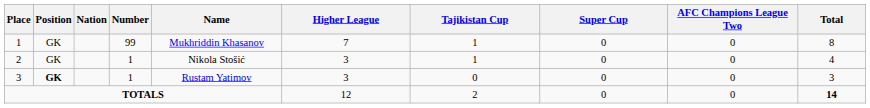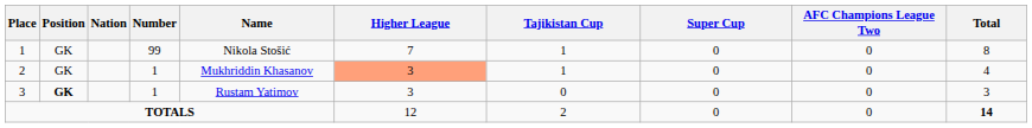 <table class="wikitable" style="font-size: 95%; text-align: center;">
 <tr>
 <th width=20>Place</th>
 <th width=20>Position</th>
 <th width=20>Nation</th>
 <th width=20>Number</th>
 <th width=200>Name</th>
 <th width=200><a href='#'>Higher League</a></th>
 <th width=200><a href='#'>Tajikistan Cup</a></th>
 <th width=200><a href='#'>Super Cup</a></th>
 <th width=200><a href='#'>AFC Champions League Two</a></th>
 <th width=100><strong>Total</strong></th>
 </tr>
 <tr>
 <td>1</td>
 <td>GK</td>
 <td></td>
 <td>99</td>
-<td><a href='#'>Mukhriddin Khasanov</a></td>
+<td>Nikola Stošić</td>
 <td>7</td>
 <td>1</td>
 <td>0</td>
 <td>0</td>
 <td>8</td>
 </tr>
 <tr>
 <td>2</td>
 <td>GK</td>
 <td></td>
 <td>1</td>
-<td>Nikola Stošić</td>
-<td>3</td>
+<td><a href='#'>Mukhriddin Khasanov</a></td>
+<td style="background: lightsalmon;">3</td>
 <td>1</td>
 <td>0</td>
 <td>0</td>
 <td>4</td>
 </tr>
 <tr>
 <td>3</td>
 <td><strong>GK</strong></td>
 <td></td>
 <td>1</td>
 <td><a href='#'>Rustam Yatimov</a></td>
 <td>3</td>
 <td>0</td>
 <td>0</td>
 <td>0</td>
 <td>3</td>
 </tr>
 <tr>
 <td colspan="5"><strong>TOTALS</strong></td>
 <td>12</td>
 <td>2</td>
 <td>0</td>
 <td>0</td>
 <td><strong>14</strong></td>
 </tr>
 </table>
